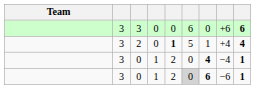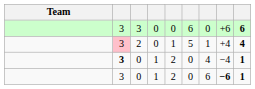 <table class="wikitable" style="text-align:center">
 <tr>
 <th width=165>Team</th>
 <th width=20></th>
 <th width=20></th>
 <th width=20></th>
 <th width=20></th>
 <th width=20></th>
 <th width=20></th>
 <th width=20></th>
 <th width=20></th>
 </tr>
 <tr bgcolor=ccffcc>
 <td align=left></td>
 <td>3</td>
 <td>3</td>
 <td>0</td>
 <td>0</td>
 <td>6</td>
 <td>0</td>
 <td>+6</td>
 <td><strong>6</strong></td>
 </tr>
 <tr>
 <td align=left></td>
-<td>3</td>
+<td style="background: pink;">3</td>
 <td>2</td>
 <td>0</td>
-<td><strong>1</strong></td>
+<td>1</td>
 <td>5</td>
 <td>1</td>
 <td>+4</td>
 <td><strong>4</strong></td>
 </tr>
 <tr>
 <td align=left></td>
-<td>3</td>
+<td><strong>3</strong></td>
 <td>0</td>
 <td>1</td>
 <td>2</td>
 <td>0</td>
-<td><strong>4</strong></td>
+<td>4</td>
 <td>−4</td>
 <td><strong>1</strong></td>
 </tr>
 <tr>
 <td align=left></td>
 <td>3</td>
 <td>0</td>
 <td>1</td>
 <td>2</td>
-<td style="background: lightgrey;">0</td>
-<td><strong>6</strong></td>
-<td>−6</td>
+<td>0</td>
+<td>6</td>
+<td><strong>−6</strong></td>
 <td><strong>1</strong></td>
 </tr>
 </table>
